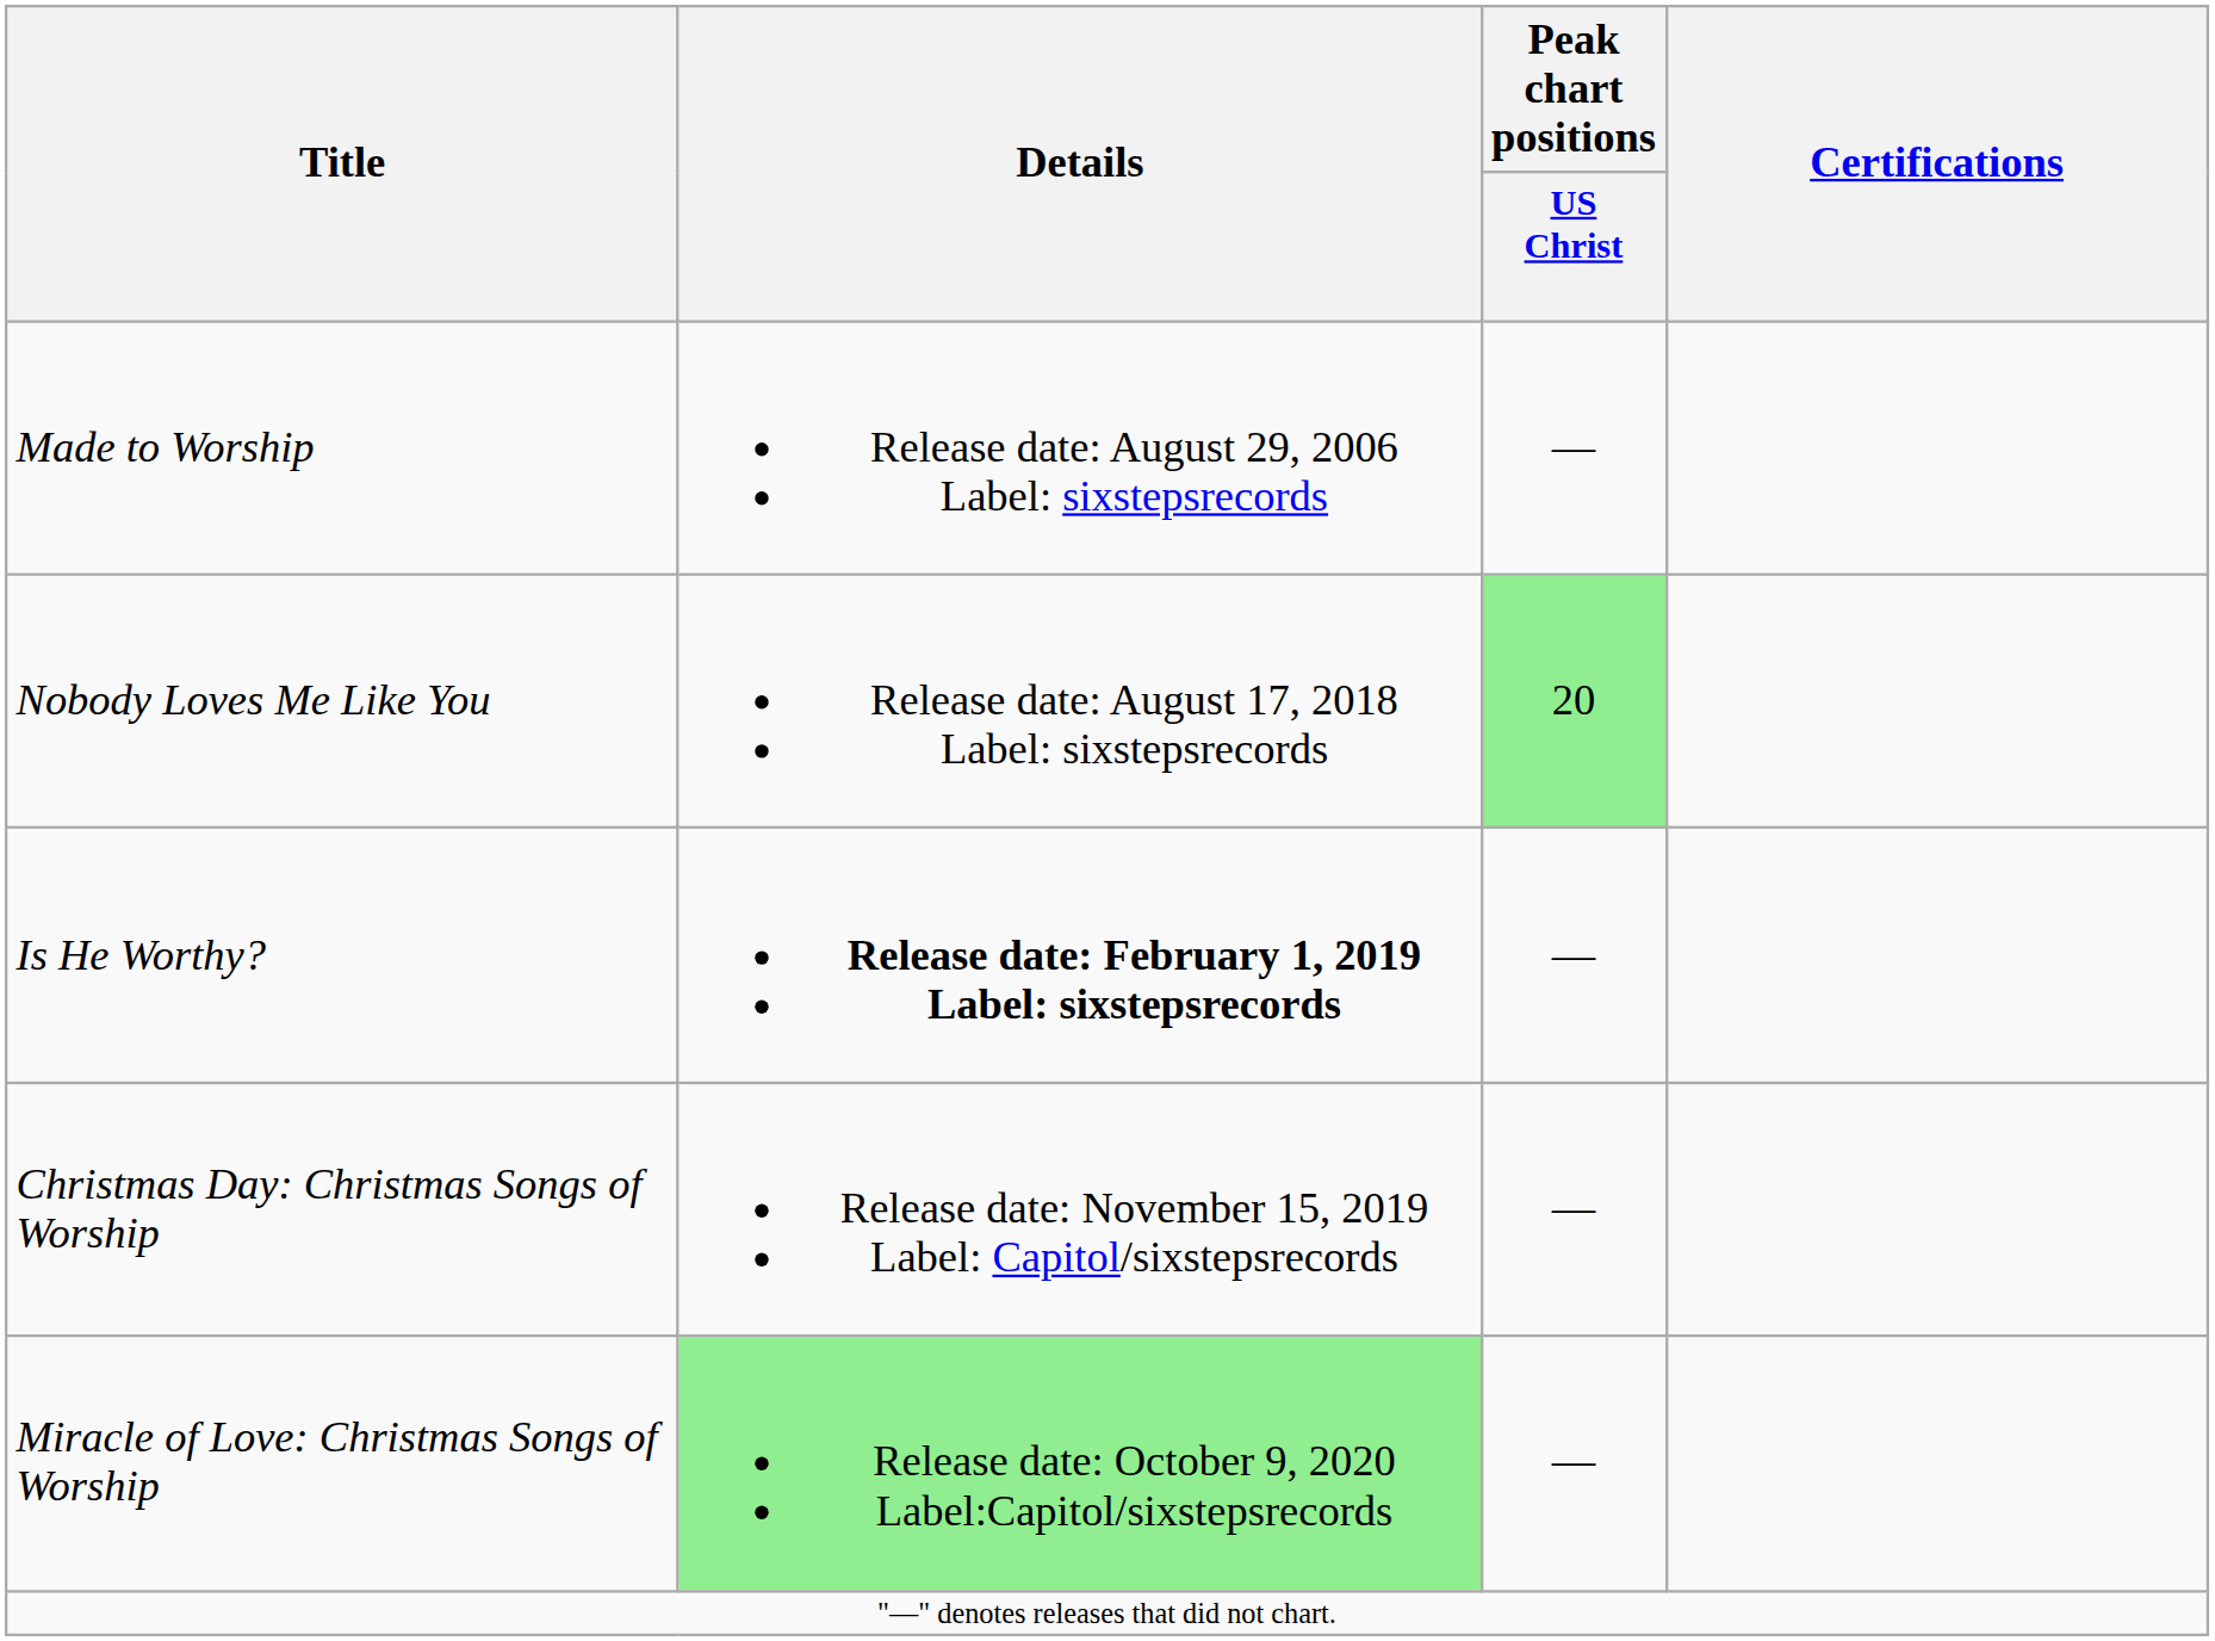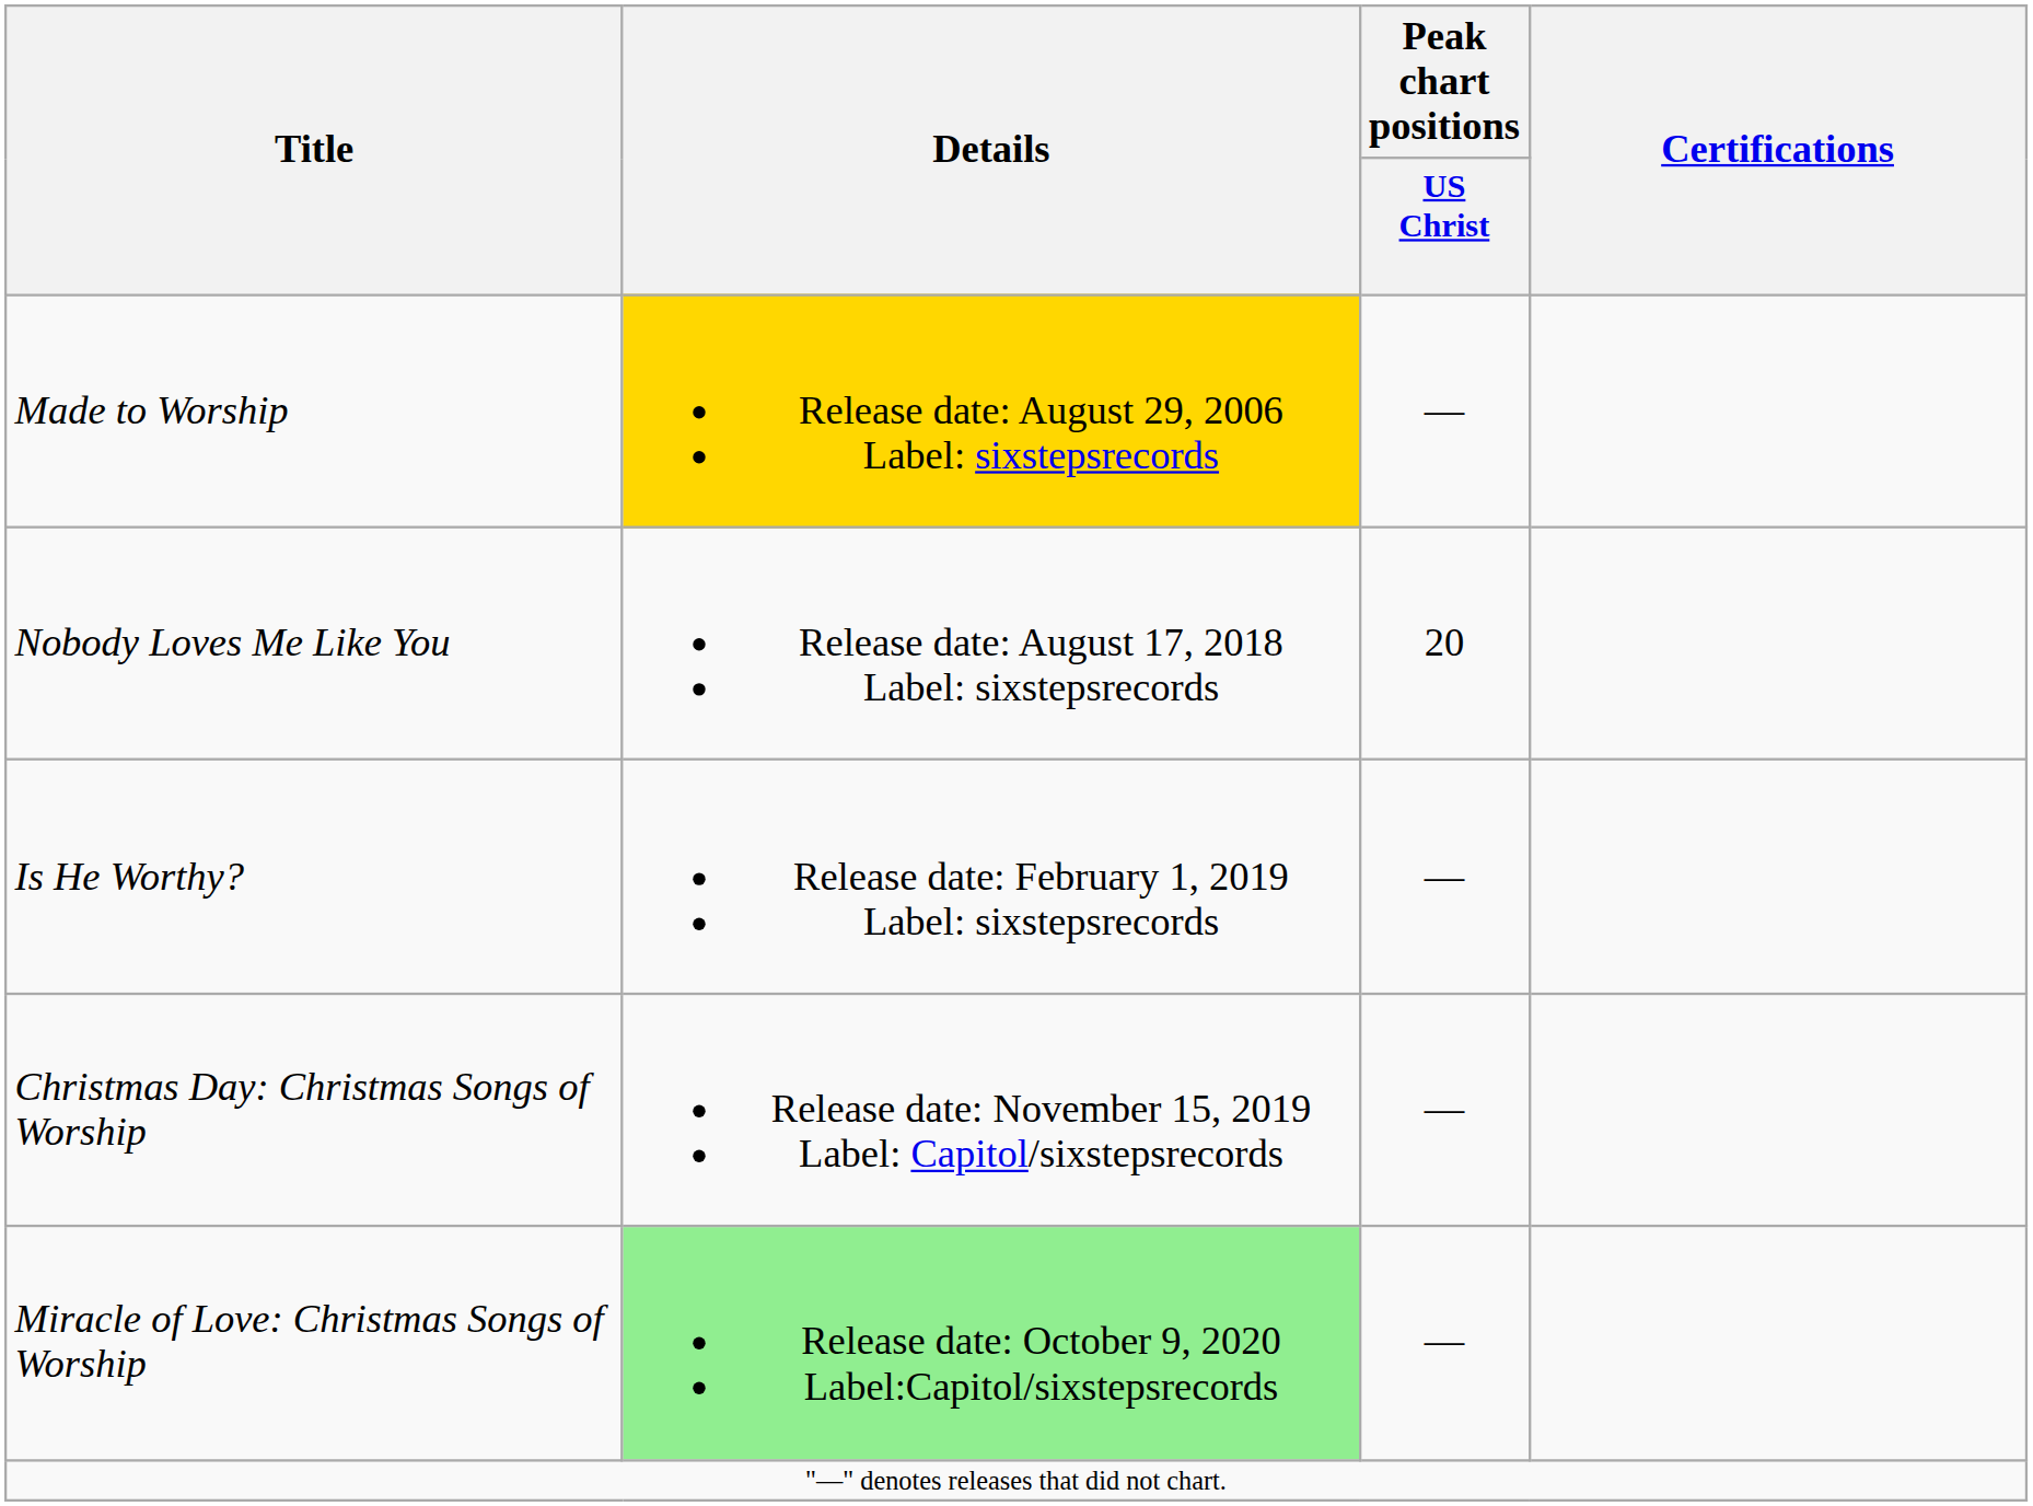 <table class="wikitable plainrowheaders" style="text-align:center;">
 <tr>
 <th rowspan="2" style="width:15em;">Title</th>
 <th rowspan="2" style="width:18em;">Details</th>
 <th colspan="1">Peak chart positions</th>
 <th rowspan="2" style="width:12em;"><a href='#'>Certifications</a></th>
 </tr>
 <tr style="font-size:smaller;">
 <th style="width:40px;"><a href='#'>US<br>Christ</a><br><br></th>
 </tr>
 <tr>
 <td align="left"><em>Made to Worship</em></td>
-<td><br><ul><li>Release date: August 29, 2006</li><li>Label: <a href='#'>sixstepsrecords</a></li></ul></td>
+<td style="background: gold;"><br><ul><li>Release date: August 29, 2006</li><li>Label: <a href='#'>sixstepsrecords</a></li></ul></td>
 <td>—</td>
 <td></td>
 </tr>
 <tr>
 <td align="left"><em>Nobody Loves Me Like You</em></td>
 <td><br><ul><li>Release date: August 17, 2018</li><li>Label: sixstepsrecords</li></ul></td>
-<td style="background: lightgreen;">20</td>
+<td>20</td>
 <td></td>
 </tr>
 <tr>
 <td align="left"><em>Is He Worthy?</em></td>
-<td><strong><br><ul><li>Release date: February 1, 2019</li><li>Label: sixstepsrecords</li></ul></strong></td>
+<td><br><ul><li>Release date: February 1, 2019</li><li>Label: sixstepsrecords</li></ul></td>
 <td>—</td>
 <td></td>
 </tr>
 <tr>
 <td align="left"><em>Christmas Day: Christmas Songs of Worship</em></td>
 <td><br><ul><li>Release date: November 15, 2019</li><li>Label: <a href='#'>Capitol</a>/sixstepsrecords</li></ul></td>
 <td>—</td>
 <td></td>
 </tr>
 <tr>
 <td align="left"><em>Miracle of Love: Christmas Songs of Worship</em></td>
 <td style="background: lightgreen;"><br><ul><li>Release date: October 9, 2020</li><li>Label:Capitol/sixstepsrecords</li></ul></td>
 <td>—</td>
 <td></td>
 </tr>
 <tr>
 <td align="center" colspan="30" style="font-size: 8pt">"—" denotes releases that did not chart.</td>
 </tr>
 </table>
